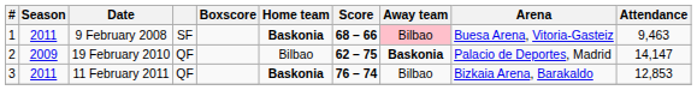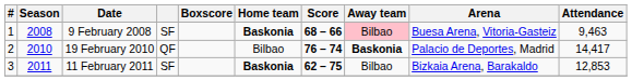 <table class="wikitable" style="text-align: center; width=25%; font-size: 11px">
 <tr>
 <th>#</th>
 <th>Season</th>
 <th>Date</th>
 <th></th>
 <th>Boxscore</th>
 <th>Home team</th>
 <th>Score</th>
 <th>Away team</th>
 <th>Arena</th>
 <th>Attendance</th>
 </tr>
 <tr>
 <td>1</td>
-<td><a href='#'>2011</a></td>
+<td><a href='#'>2008</a></td>
 <td>9 February 2008</td>
 <td>SF</td>
 <td></td>
 <td><strong>Baskonia</strong></td>
 <td><strong>68 – 66</strong></td>
 <td style="background: pink;">Bilbao</td>
 <td align=left><a href='#'>Buesa Arena</a>, <a href='#'>Vitoria-Gasteiz</a></td>
 <td>9,463</td>
 </tr>
 <tr>
 <td>2</td>
-<td><a href='#'>2009</a></td>
+<td><a href='#'>2010</a></td>
 <td>19 February 2010</td>
 <td>QF</td>
 <td></td>
 <td>Bilbao</td>
-<td><strong>62 – 75</strong></td>
+<td><strong>76 – 74</strong></td>
 <td><strong>Baskonia</strong></td>
 <td align=left><a href='#'>Palacio de Deportes</a>, Madrid</td>
-<td>14,147</td>
+<td>14,417</td>
 </tr>
 <tr>
 <td>3</td>
 <td><a href='#'>2011</a></td>
 <td>11 February 2011</td>
-<td>QF</td>
+<td>SF</td>
 <td></td>
 <td><strong>Baskonia</strong></td>
-<td><strong>76 – 74</strong></td>
+<td><strong>62 – 75</strong></td>
 <td>Bilbao</td>
 <td align=left><a href='#'>Bizkaia Arena</a>, <a href='#'>Barakaldo</a></td>
 <td>12,853</td>
 </tr>
 <tr>
 </tr>
 </table>
